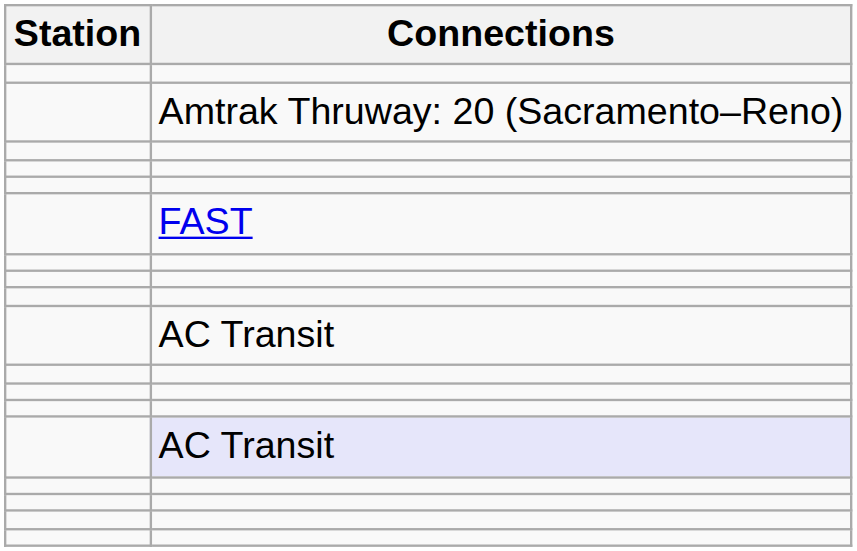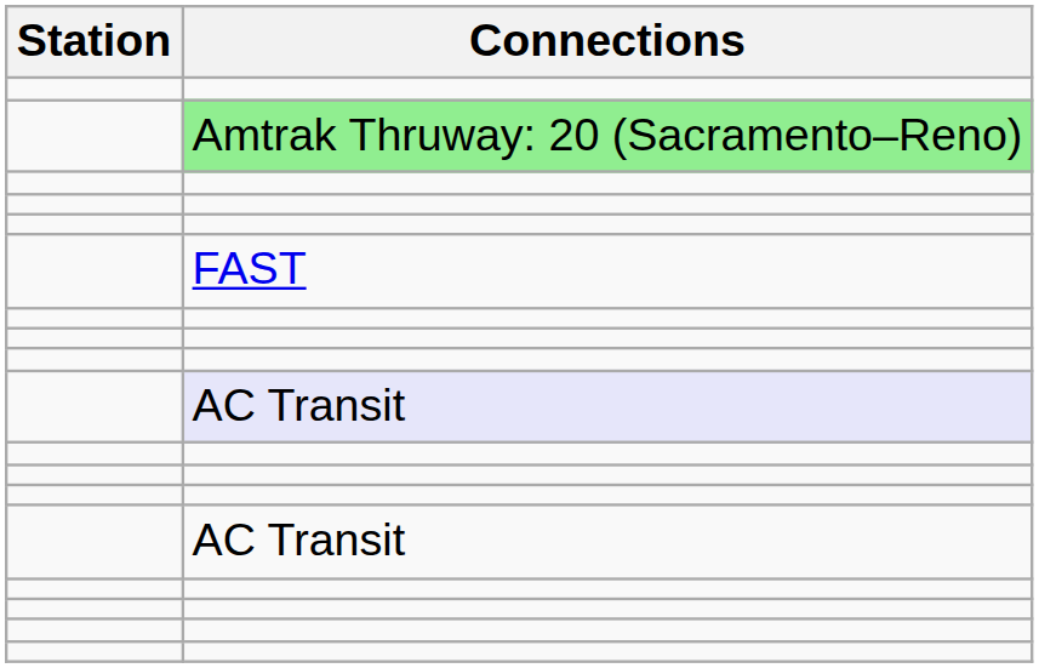 <table class="wikitable">
 <tr>
 <th>Station</th>
 <th>Connections</th>
 </tr>
 <tr>
 <td></td>
 <td></td>
 </tr>
 <tr>
 <td></td>
-<td> Amtrak Thruway: 20 (Sacramento–Reno)</td>
+<td style="background: lightgreen;"> Amtrak Thruway: 20 (Sacramento–Reno)</td>
 </tr>
 <tr>
 <td></td>
 <td></td>
 </tr>
 <tr>
 <td></td>
 <td></td>
 </tr>
 <tr>
 <td></td>
 <td></td>
 </tr>
 <tr>
 <td></td>
 <td> <a href='#'>FAST</a></td>
 </tr>
 <tr>
 <td></td>
 <td></td>
 </tr>
 <tr>
 <td></td>
 <td></td>
 </tr>
 <tr>
 <td></td>
 <td></td>
 </tr>
 <tr>
 <td></td>
-<td> AC Transit</td>
+<td style="background: lavender;"> AC Transit</td>
 </tr>
 <tr>
 <td></td>
 <td></td>
 </tr>
 <tr>
 <td></td>
 <td></td>
 </tr>
 <tr>
 <td></td>
 <td></td>
 </tr>
 <tr>
 <td></td>
-<td style="background: lavender;"> AC Transit</td>
+<td> AC Transit</td>
 </tr>
 <tr>
 <td></td>
 <td></td>
 </tr>
 <tr>
 <td></td>
 <td></td>
 </tr>
 <tr>
 <td></td>
 <td></td>
 </tr>
 <tr>
 <td></td>
 <td></td>
 </tr>
 </table>
